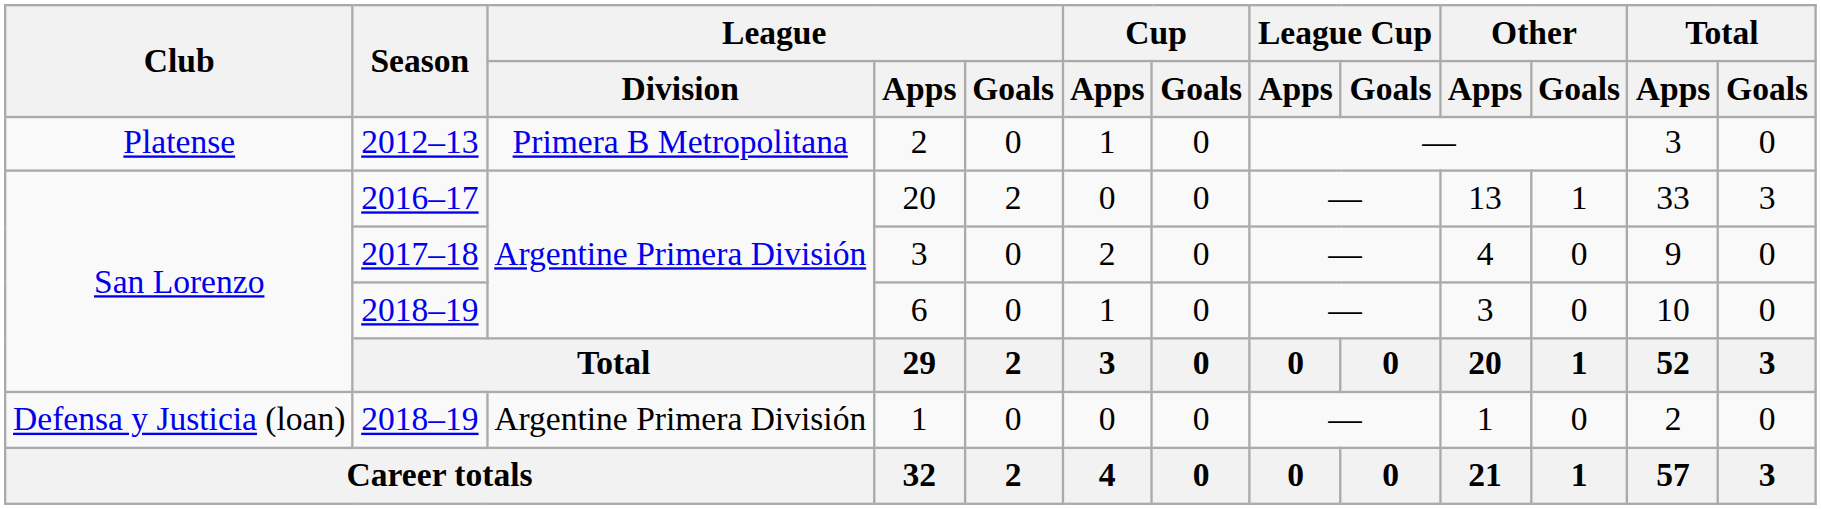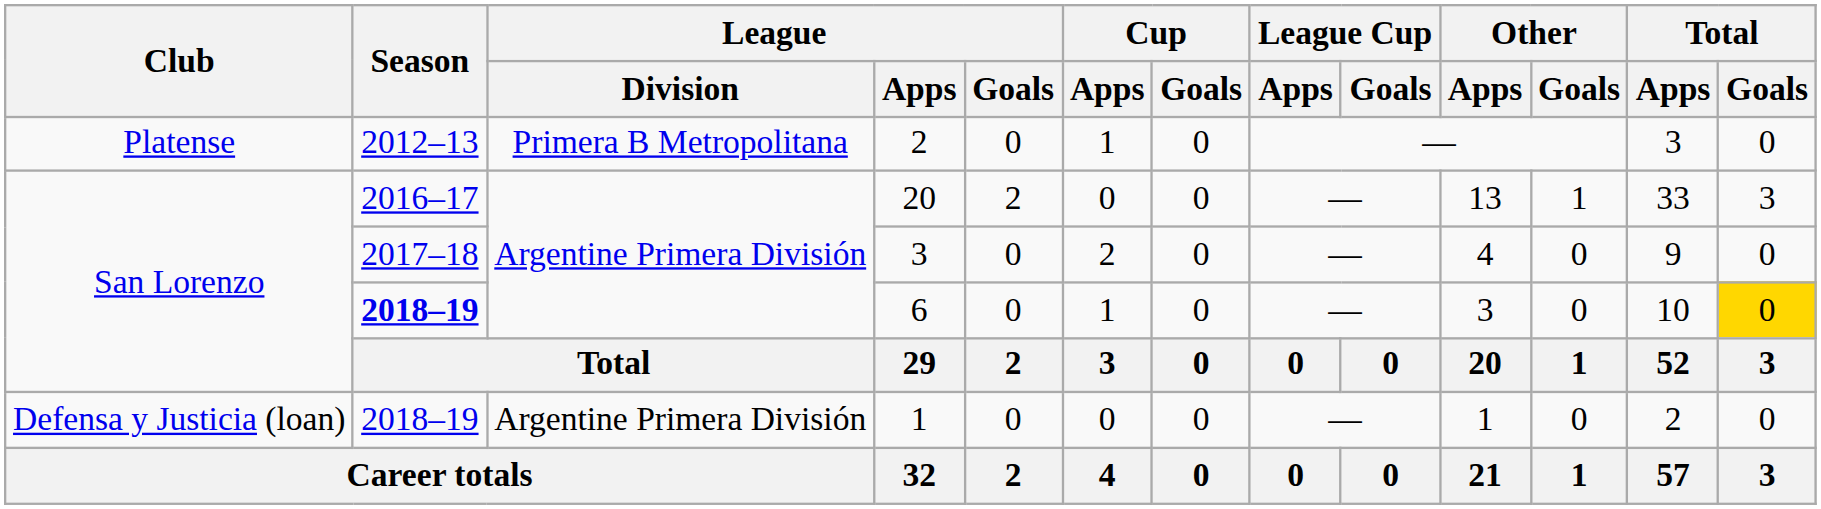 <table class="wikitable" style="font-size:90%; text-align: center">
 <tr>
 <th rowspan=2>Club</th>
 <th rowspan=2>Season</th>
 <th colspan=3>League</th>
 <th colspan=2>Cup</th>
 <th colspan=2>League Cup</th>
 <th colspan=2>Other</th>
 <th colspan=2>Total</th>
 </tr>
 <tr>
 <th>Division</th>
 <th>Apps</th>
 <th>Goals</th>
 <th>Apps</th>
 <th>Goals</th>
 <th>Apps</th>
 <th>Goals</th>
 <th>Apps</th>
 <th>Goals</th>
 <th>Apps</th>
 <th>Goals</th>
 </tr>
 <tr>
 <td><a href='#'>Platense</a></td>
 <td><a href='#'>2012–13</a></td>
 <td><a href='#'>Primera B Metropolitana</a></td>
 <td>2</td>
 <td>0</td>
 <td>1</td>
 <td>0</td>
 <td colspan=4>—</td>
 <td>3</td>
 <td>0</td>
 </tr>
 <tr>
 <td rowspan=4><a href='#'>San Lorenzo</a></td>
 <td><a href='#'>2016–17</a></td>
 <td rowspan=3><a href='#'>Argentine Primera División</a></td>
 <td>20</td>
 <td>2</td>
 <td>0</td>
 <td>0</td>
 <td colspan=2>—</td>
 <td>13</td>
 <td>1</td>
 <td>33</td>
 <td>3</td>
 </tr>
 <tr>
 <td><a href='#'>2017–18</a></td>
 <td>3</td>
 <td>0</td>
 <td>2</td>
 <td>0</td>
 <td colspan=2>—</td>
 <td>4</td>
 <td>0</td>
 <td>9</td>
 <td>0</td>
 </tr>
 <tr>
-<td><a href='#'>2018–19</a></td>
+<td><strong><a href='#'>2018–19</a></strong></td>
 <td>6</td>
 <td>0</td>
 <td>1</td>
 <td>0</td>
 <td colspan=2>—</td>
 <td>3</td>
 <td>0</td>
 <td>10</td>
-<td>0</td>
+<td style="background: gold;">0</td>
 </tr>
 <tr>
 <th colspan=2>Total</th>
 <th>29</th>
 <th>2</th>
 <th>3</th>
 <th>0</th>
 <th>0</th>
 <th>0</th>
 <th>20</th>
 <th>1</th>
 <th>52</th>
 <th>3</th>
 </tr>
 <tr>
 <td><a href='#'>Defensa y Justicia</a> (loan)</td>
 <td><a href='#'>2018–19</a></td>
 <td>Argentine Primera División</td>
 <td>1</td>
 <td>0</td>
 <td>0</td>
 <td>0</td>
 <td colspan=2>—</td>
 <td>1</td>
 <td>0</td>
 <td>2</td>
 <td>0</td>
 </tr>
 <tr>
 <th colspan=3>Career totals</th>
 <th>32</th>
 <th>2</th>
 <th>4</th>
 <th>0</th>
 <th>0</th>
 <th>0</th>
 <th>21</th>
 <th>1</th>
 <th>57</th>
 <th>3</th>
 </tr>
 </table>
